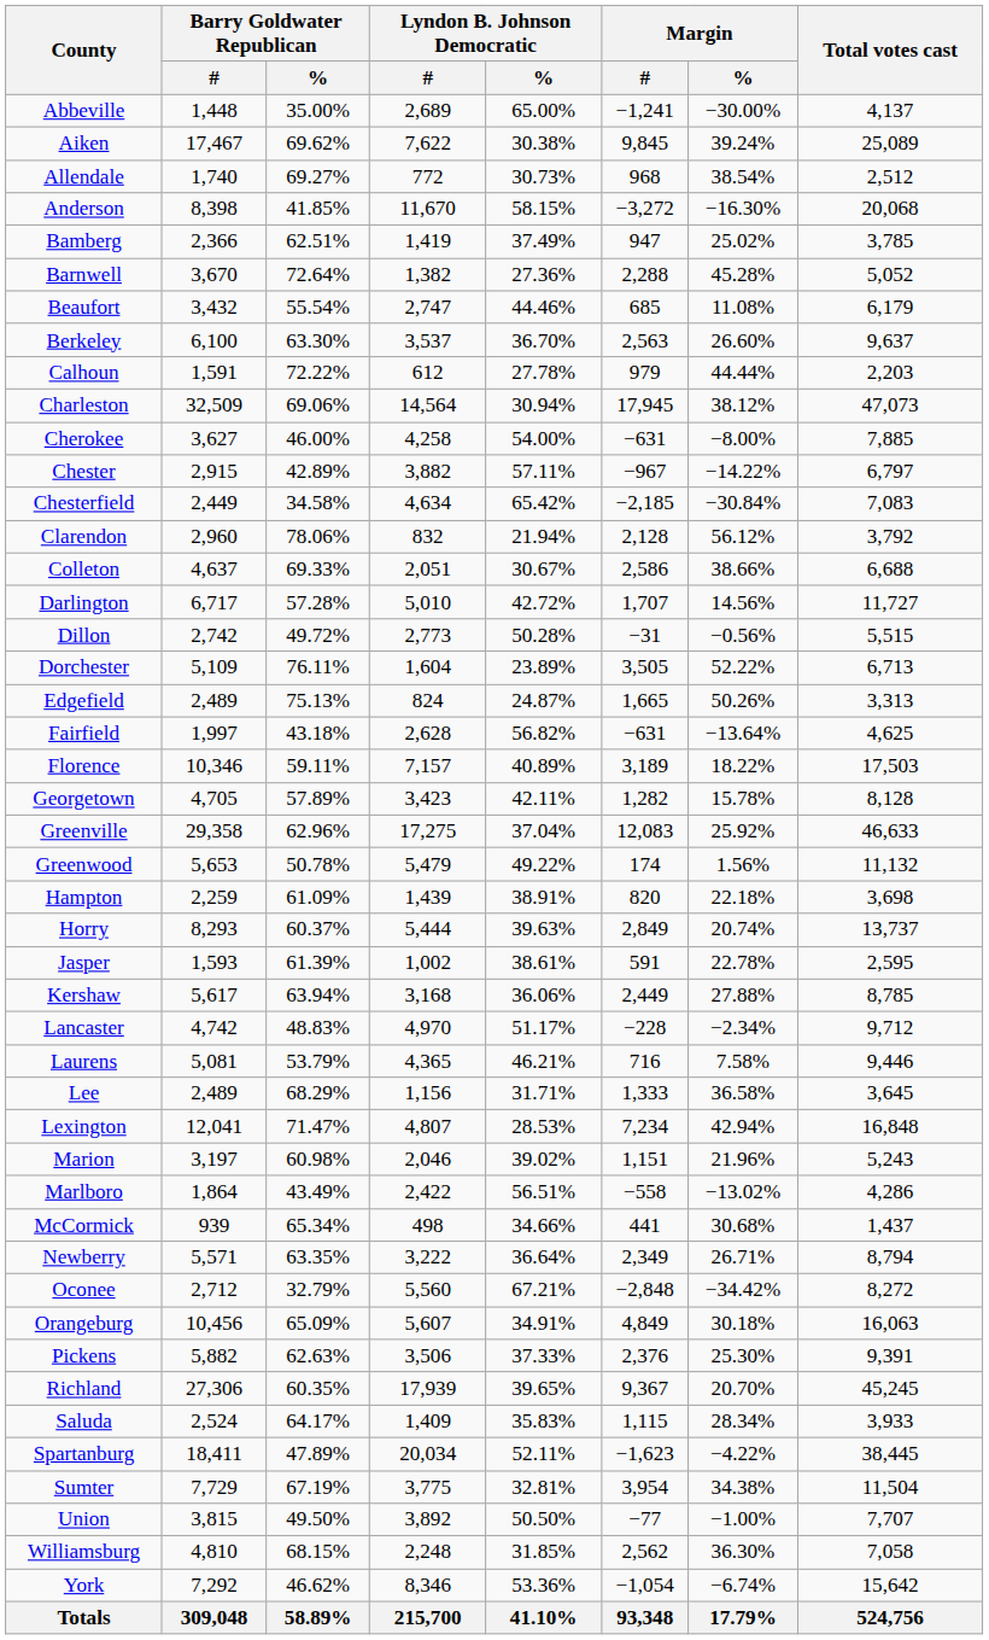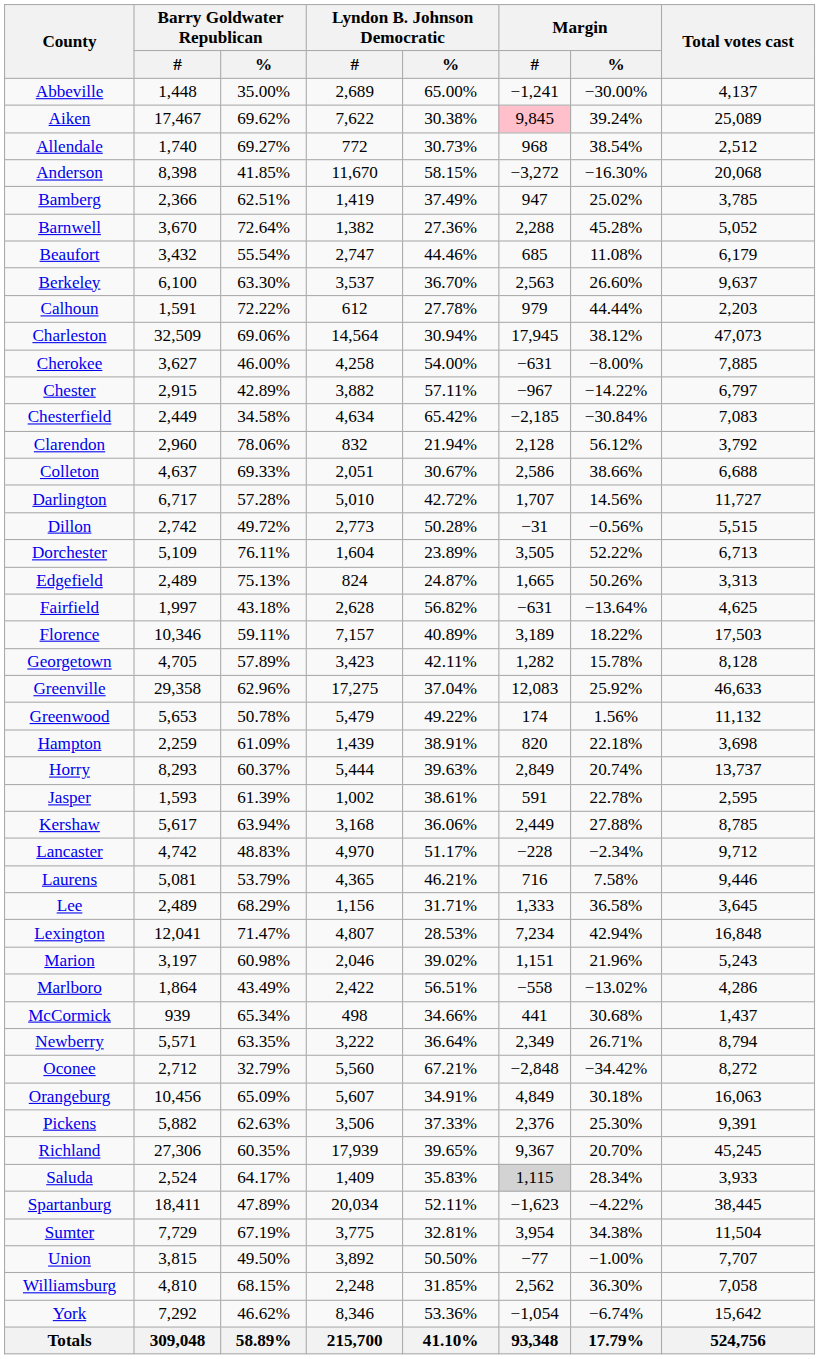 <table width="60%" class="wikitable sortable">
 <tr>
 <th rowspan="2">County</th>
 <th colspan="2">Barry Goldwater<br>Republican</th>
 <th colspan="2">Lyndon B. Johnson<br>Democratic</th>
 <th colspan="2">Margin</th>
 <th rowspan="2">Total votes cast</th>
 </tr>
 <tr>
 <th style="text-align:center;" data-sort-type="number">#</th>
 <th style="text-align:center;" data-sort-type="number">%</th>
 <th style="text-align:center;" data-sort-type="number">#</th>
 <th style="text-align:center;" data-sort-type="number">%</th>
 <th style="text-align:center;" data-sort-type="number">#</th>
 <th style="text-align:center;" data-sort-type="number">%</th>
 </tr>
 <tr style="text-align:center;">
 <td><a href='#'>Abbeville</a></td>
 <td>1,448</td>
 <td>35.00%</td>
 <td>2,689</td>
 <td>65.00%</td>
 <td>−1,241</td>
 <td>−30.00%</td>
 <td>4,137</td>
 </tr>
 <tr style="text-align:center;">
 <td><a href='#'>Aiken</a></td>
 <td>17,467</td>
 <td>69.62%</td>
 <td>7,622</td>
 <td>30.38%</td>
-<td>9,845</td>
+<td style="background: pink;">9,845</td>
 <td>39.24%</td>
 <td>25,089</td>
 </tr>
 <tr style="text-align:center;">
 <td><a href='#'>Allendale</a></td>
 <td>1,740</td>
 <td>69.27%</td>
 <td>772</td>
 <td>30.73%</td>
 <td>968</td>
 <td>38.54%</td>
 <td>2,512</td>
 </tr>
 <tr style="text-align:center;">
 <td><a href='#'>Anderson</a></td>
 <td>8,398</td>
 <td>41.85%</td>
 <td>11,670</td>
 <td>58.15%</td>
 <td>−3,272</td>
 <td>−16.30%</td>
 <td>20,068</td>
 </tr>
 <tr style="text-align:center;">
 <td><a href='#'>Bamberg</a></td>
 <td>2,366</td>
 <td>62.51%</td>
 <td>1,419</td>
 <td>37.49%</td>
 <td>947</td>
 <td>25.02%</td>
 <td>3,785</td>
 </tr>
 <tr style="text-align:center;">
 <td><a href='#'>Barnwell</a></td>
 <td>3,670</td>
 <td>72.64%</td>
 <td>1,382</td>
 <td>27.36%</td>
 <td>2,288</td>
 <td>45.28%</td>
 <td>5,052</td>
 </tr>
 <tr style="text-align:center;">
 <td><a href='#'>Beaufort</a></td>
 <td>3,432</td>
 <td>55.54%</td>
 <td>2,747</td>
 <td>44.46%</td>
 <td>685</td>
 <td>11.08%</td>
 <td>6,179</td>
 </tr>
 <tr style="text-align:center;">
 <td><a href='#'>Berkeley</a></td>
 <td>6,100</td>
 <td>63.30%</td>
 <td>3,537</td>
 <td>36.70%</td>
 <td>2,563</td>
 <td>26.60%</td>
 <td>9,637</td>
 </tr>
 <tr style="text-align:center;">
 <td><a href='#'>Calhoun</a></td>
 <td>1,591</td>
 <td>72.22%</td>
 <td>612</td>
 <td>27.78%</td>
 <td>979</td>
 <td>44.44%</td>
 <td>2,203</td>
 </tr>
 <tr style="text-align:center;">
 <td><a href='#'>Charleston</a></td>
 <td>32,509</td>
 <td>69.06%</td>
 <td>14,564</td>
 <td>30.94%</td>
 <td>17,945</td>
 <td>38.12%</td>
 <td>47,073</td>
 </tr>
 <tr style="text-align:center;">
 <td><a href='#'>Cherokee</a></td>
 <td>3,627</td>
 <td>46.00%</td>
 <td>4,258</td>
 <td>54.00%</td>
 <td>−631</td>
 <td>−8.00%</td>
 <td>7,885</td>
 </tr>
 <tr style="text-align:center;">
 <td><a href='#'>Chester</a></td>
 <td>2,915</td>
 <td>42.89%</td>
 <td>3,882</td>
 <td>57.11%</td>
 <td>−967</td>
 <td>−14.22%</td>
 <td>6,797</td>
 </tr>
 <tr style="text-align:center;">
 <td><a href='#'>Chesterfield</a></td>
 <td>2,449</td>
 <td>34.58%</td>
 <td>4,634</td>
 <td>65.42%</td>
 <td>−2,185</td>
 <td>−30.84%</td>
 <td>7,083</td>
 </tr>
 <tr style="text-align:center;">
 <td><a href='#'>Clarendon</a></td>
 <td>2,960</td>
 <td>78.06%</td>
 <td>832</td>
 <td>21.94%</td>
 <td>2,128</td>
 <td>56.12%</td>
 <td>3,792</td>
 </tr>
 <tr style="text-align:center;">
 <td><a href='#'>Colleton</a></td>
 <td>4,637</td>
 <td>69.33%</td>
 <td>2,051</td>
 <td>30.67%</td>
 <td>2,586</td>
 <td>38.66%</td>
 <td>6,688</td>
 </tr>
 <tr style="text-align:center;">
 <td><a href='#'>Darlington</a></td>
 <td>6,717</td>
 <td>57.28%</td>
 <td>5,010</td>
 <td>42.72%</td>
 <td>1,707</td>
 <td>14.56%</td>
 <td>11,727</td>
 </tr>
 <tr style="text-align:center;">
 <td><a href='#'>Dillon</a></td>
 <td>2,742</td>
 <td>49.72%</td>
 <td>2,773</td>
 <td>50.28%</td>
 <td>−31</td>
 <td>−0.56%</td>
 <td>5,515</td>
 </tr>
 <tr style="text-align:center;">
 <td><a href='#'>Dorchester</a></td>
 <td>5,109</td>
 <td>76.11%</td>
 <td>1,604</td>
 <td>23.89%</td>
 <td>3,505</td>
 <td>52.22%</td>
 <td>6,713</td>
 </tr>
 <tr style="text-align:center;">
 <td><a href='#'>Edgefield</a></td>
 <td>2,489</td>
 <td>75.13%</td>
 <td>824</td>
 <td>24.87%</td>
 <td>1,665</td>
 <td>50.26%</td>
 <td>3,313</td>
 </tr>
 <tr style="text-align:center;">
 <td><a href='#'>Fairfield</a></td>
 <td>1,997</td>
 <td>43.18%</td>
 <td>2,628</td>
 <td>56.82%</td>
 <td>−631</td>
 <td>−13.64%</td>
 <td>4,625</td>
 </tr>
 <tr style="text-align:center;">
 <td><a href='#'>Florence</a></td>
 <td>10,346</td>
 <td>59.11%</td>
 <td>7,157</td>
 <td>40.89%</td>
 <td>3,189</td>
 <td>18.22%</td>
 <td>17,503</td>
 </tr>
 <tr style="text-align:center;">
 <td><a href='#'>Georgetown</a></td>
 <td>4,705</td>
 <td>57.89%</td>
 <td>3,423</td>
 <td>42.11%</td>
 <td>1,282</td>
 <td>15.78%</td>
 <td>8,128</td>
 </tr>
 <tr style="text-align:center;">
 <td><a href='#'>Greenville</a></td>
 <td>29,358</td>
 <td>62.96%</td>
 <td>17,275</td>
 <td>37.04%</td>
 <td>12,083</td>
 <td>25.92%</td>
 <td>46,633</td>
 </tr>
 <tr style="text-align:center;">
 <td><a href='#'>Greenwood</a></td>
 <td>5,653</td>
 <td>50.78%</td>
 <td>5,479</td>
 <td>49.22%</td>
 <td>174</td>
 <td>1.56%</td>
 <td>11,132</td>
 </tr>
 <tr style="text-align:center;">
 <td><a href='#'>Hampton</a></td>
 <td>2,259</td>
 <td>61.09%</td>
 <td>1,439</td>
 <td>38.91%</td>
 <td>820</td>
 <td>22.18%</td>
 <td>3,698</td>
 </tr>
 <tr style="text-align:center;">
 <td><a href='#'>Horry</a></td>
 <td>8,293</td>
 <td>60.37%</td>
 <td>5,444</td>
 <td>39.63%</td>
 <td>2,849</td>
 <td>20.74%</td>
 <td>13,737</td>
 </tr>
 <tr style="text-align:center;">
 <td><a href='#'>Jasper</a></td>
 <td>1,593</td>
 <td>61.39%</td>
 <td>1,002</td>
 <td>38.61%</td>
 <td>591</td>
 <td>22.78%</td>
 <td>2,595</td>
 </tr>
 <tr style="text-align:center;">
 <td><a href='#'>Kershaw</a></td>
 <td>5,617</td>
 <td>63.94%</td>
 <td>3,168</td>
 <td>36.06%</td>
 <td>2,449</td>
 <td>27.88%</td>
 <td>8,785</td>
 </tr>
 <tr style="text-align:center;">
 <td><a href='#'>Lancaster</a></td>
 <td>4,742</td>
 <td>48.83%</td>
 <td>4,970</td>
 <td>51.17%</td>
 <td>−228</td>
 <td>−2.34%</td>
 <td>9,712</td>
 </tr>
 <tr style="text-align:center;">
 <td><a href='#'>Laurens</a></td>
 <td>5,081</td>
 <td>53.79%</td>
 <td>4,365</td>
 <td>46.21%</td>
 <td>716</td>
 <td>7.58%</td>
 <td>9,446</td>
 </tr>
 <tr style="text-align:center;">
 <td><a href='#'>Lee</a></td>
 <td>2,489</td>
 <td>68.29%</td>
 <td>1,156</td>
 <td>31.71%</td>
 <td>1,333</td>
 <td>36.58%</td>
 <td>3,645</td>
 </tr>
 <tr style="text-align:center;">
 <td><a href='#'>Lexington</a></td>
 <td>12,041</td>
 <td>71.47%</td>
 <td>4,807</td>
 <td>28.53%</td>
 <td>7,234</td>
 <td>42.94%</td>
 <td>16,848</td>
 </tr>
 <tr style="text-align:center;">
 <td><a href='#'>Marion</a></td>
 <td>3,197</td>
 <td>60.98%</td>
 <td>2,046</td>
 <td>39.02%</td>
 <td>1,151</td>
 <td>21.96%</td>
 <td>5,243</td>
 </tr>
 <tr style="text-align:center;">
 <td><a href='#'>Marlboro</a></td>
 <td>1,864</td>
 <td>43.49%</td>
 <td>2,422</td>
 <td>56.51%</td>
 <td>−558</td>
 <td>−13.02%</td>
 <td>4,286</td>
 </tr>
 <tr style="text-align:center;">
 <td><a href='#'>McCormick</a></td>
 <td>939</td>
 <td>65.34%</td>
 <td>498</td>
 <td>34.66%</td>
 <td>441</td>
 <td>30.68%</td>
 <td>1,437</td>
 </tr>
 <tr style="text-align:center;">
 <td><a href='#'>Newberry</a></td>
 <td>5,571</td>
 <td>63.35%</td>
 <td>3,222</td>
 <td>36.64%</td>
 <td>2,349</td>
 <td>26.71%</td>
 <td>8,794</td>
 </tr>
 <tr style="text-align:center;">
 <td><a href='#'>Oconee</a></td>
 <td>2,712</td>
 <td>32.79%</td>
 <td>5,560</td>
 <td>67.21%</td>
 <td>−2,848</td>
 <td>−34.42%</td>
 <td>8,272</td>
 </tr>
 <tr style="text-align:center;">
 <td><a href='#'>Orangeburg</a></td>
 <td>10,456</td>
 <td>65.09%</td>
 <td>5,607</td>
 <td>34.91%</td>
 <td>4,849</td>
 <td>30.18%</td>
 <td>16,063</td>
 </tr>
 <tr style="text-align:center;">
 <td><a href='#'>Pickens</a></td>
 <td>5,882</td>
 <td>62.63%</td>
 <td>3,506</td>
 <td>37.33%</td>
 <td>2,376</td>
 <td>25.30%</td>
 <td>9,391</td>
 </tr>
 <tr style="text-align:center;">
 <td><a href='#'>Richland</a></td>
 <td>27,306</td>
 <td>60.35%</td>
 <td>17,939</td>
 <td>39.65%</td>
 <td>9,367</td>
 <td>20.70%</td>
 <td>45,245</td>
 </tr>
 <tr style="text-align:center;">
 <td><a href='#'>Saluda</a></td>
 <td>2,524</td>
 <td>64.17%</td>
 <td>1,409</td>
 <td>35.83%</td>
-<td>1,115</td>
+<td style="background: lightgrey;">1,115</td>
 <td>28.34%</td>
 <td>3,933</td>
 </tr>
 <tr style="text-align:center;">
 <td><a href='#'>Spartanburg</a></td>
 <td>18,411</td>
 <td>47.89%</td>
 <td>20,034</td>
 <td>52.11%</td>
 <td>−1,623</td>
 <td>−4.22%</td>
 <td>38,445</td>
 </tr>
 <tr style="text-align:center;">
 <td><a href='#'>Sumter</a></td>
 <td>7,729</td>
 <td>67.19%</td>
 <td>3,775</td>
 <td>32.81%</td>
 <td>3,954</td>
 <td>34.38%</td>
 <td>11,504</td>
 </tr>
 <tr style="text-align:center;">
 <td><a href='#'>Union</a></td>
 <td>3,815</td>
 <td>49.50%</td>
 <td>3,892</td>
 <td>50.50%</td>
 <td>−77</td>
 <td>−1.00%</td>
 <td>7,707</td>
 </tr>
 <tr style="text-align:center;">
 <td><a href='#'>Williamsburg</a></td>
 <td>4,810</td>
 <td>68.15%</td>
 <td>2,248</td>
 <td>31.85%</td>
 <td>2,562</td>
 <td>36.30%</td>
 <td>7,058</td>
 </tr>
 <tr style="text-align:center;">
 <td><a href='#'>York</a></td>
 <td>7,292</td>
 <td>46.62%</td>
 <td>8,346</td>
 <td>53.36%</td>
 <td>−1,054</td>
 <td>−6.74%</td>
 <td>15,642</td>
 </tr>
 <tr style="text-align:center;">
 <th>Totals</th>
 <th>309,048</th>
 <th>58.89%</th>
 <th>215,700</th>
 <th>41.10%</th>
 <th>93,348</th>
 <th>17.79%</th>
 <th>524,756</th>
 </tr>
 </table>
